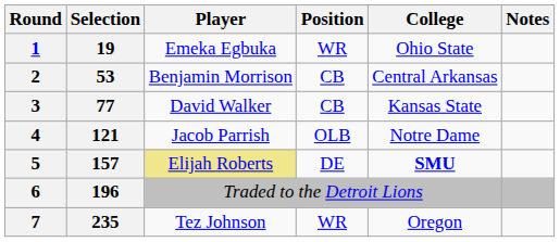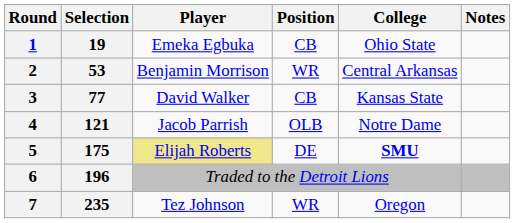 <table class="wikitable" style="text-align:center">
 <tr>
 <th>Round</th>
 <th>Selection</th>
 <th>Player</th>
 <th>Position</th>
 <th>College</th>
 <th>Notes</th>
 </tr>
 <tr>
 <th><a href='#'>1</a></th>
 <th>19</th>
 <td><a href='#'>Emeka Egbuka</a></td>
-<td><a href='#'>WR</a></td>
+<td><a href='#'>CB</a></td>
 <td><a href='#'>Ohio State</a></td>
 <td></td>
 </tr>
 <tr>
 <th>2</th>
 <th>53</th>
 <td><a href='#'>Benjamin Morrison</a></td>
-<td><a href='#'>CB</a></td>
+<td><a href='#'>WR</a></td>
 <td><a href='#'>Central Arkansas</a></td>
 <td></td>
 </tr>
 <tr>
 <th>3</th>
 <th>77</th>
 <td><a href='#'>David Walker</a></td>
 <td><a href='#'>CB</a></td>
 <td><a href='#'>Kansas State</a></td>
 <td></td>
 </tr>
 <tr>
 <th>4</th>
 <th>121</th>
 <td><a href='#'>Jacob Parrish</a></td>
 <td><a href='#'>OLB</a></td>
 <td><a href='#'>Notre Dame</a></td>
 <td></td>
 </tr>
 <tr>
 <th>5</th>
-<th>157</th>
+<th>175</th>
 <td style="background: khaki;"><a href='#'>Elijah Roberts</a></td>
 <td><a href='#'>DE</a></td>
 <td><strong><a href='#'>SMU</a></strong></td>
 <td></td>
 </tr>
 <tr>
 <th>6</th>
 <th>196</th>
 <td colspan="3" style="background:#BFBFBF"><em>Traded to the <a href='#'>Detroit Lions</a></em></td>
 <td style="background:#BFBFBF"></td>
 </tr>
 <tr>
 <th>7</th>
 <th>235</th>
 <td><a href='#'>Tez Johnson</a></td>
 <td><a href='#'>WR</a></td>
 <td><a href='#'>Oregon</a></td>
 <td></td>
 </tr>
 </table>
